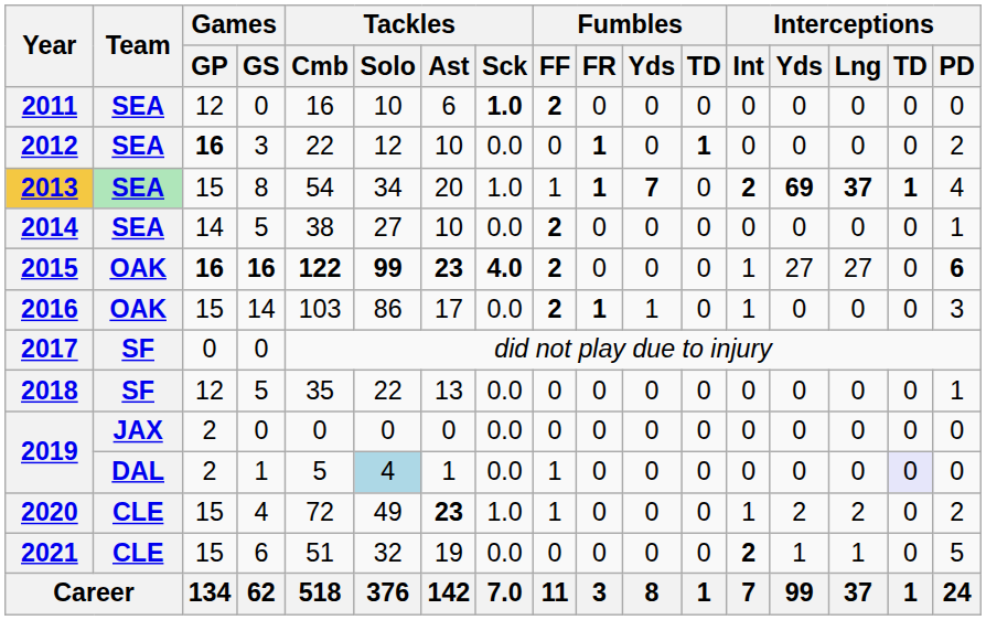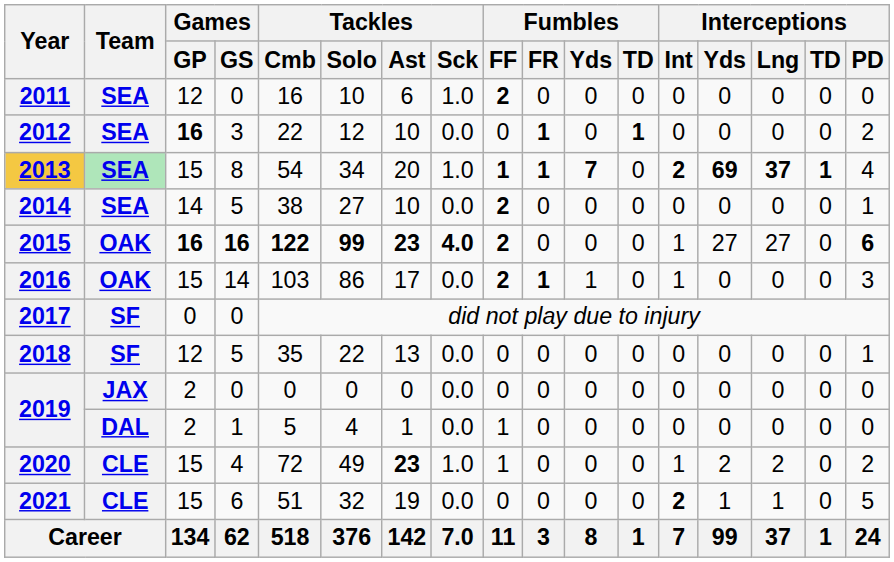 <table class="wikitable" style="text-align:center;">
 <tr>
 <th rowspan="2">Year</th>
 <th rowspan="2">Team</th>
 <th colspan="2">Games</th>
 <th colspan="4">Tackles</th>
 <th colspan="4">Fumbles</th>
 <th colspan="5">Interceptions</th>
 </tr>
 <tr>
 <th>GP</th>
 <th>GS</th>
 <th>Cmb</th>
 <th>Solo</th>
 <th>Ast</th>
 <th>Sck</th>
 <th>FF</th>
 <th>FR</th>
 <th>Yds</th>
 <th>TD</th>
 <th>Int</th>
 <th>Yds</th>
 <th>Lng</th>
 <th>TD</th>
 <th>PD</th>
 </tr>
 <tr>
 <th><a href='#'>2011</a></th>
 <th><a href='#'>SEA</a></th>
 <td>12</td>
 <td>0</td>
 <td>16</td>
 <td>10</td>
 <td>6</td>
-<td><strong>1.0</strong></td>
+<td>1.0</td>
 <td><strong>2</strong></td>
 <td>0</td>
 <td>0</td>
 <td>0</td>
 <td>0</td>
 <td>0</td>
 <td>0</td>
 <td>0</td>
 <td>0</td>
 </tr>
 <tr>
 <th><a href='#'>2012</a></th>
 <th><a href='#'>SEA</a></th>
 <td><strong>16</strong></td>
 <td>3</td>
 <td>22</td>
 <td>12</td>
 <td>10</td>
 <td>0.0</td>
 <td>0</td>
 <td><strong>1</strong></td>
 <td>0</td>
 <td><strong>1</strong></td>
 <td>0</td>
 <td>0</td>
 <td>0</td>
 <td>0</td>
 <td>2</td>
 </tr>
 <tr>
 <th style="background:#f4c842; width:3em;"><a href='#'>2013</a></th>
 <th style="background:#afe6ba; width:3em;"><a href='#'>SEA</a></th>
 <td>15</td>
 <td>8</td>
 <td>54</td>
 <td>34</td>
 <td>20</td>
 <td>1.0</td>
-<td>1</td>
+<td><strong>1</strong></td>
 <td><strong>1</strong></td>
 <td><strong>7</strong></td>
 <td>0</td>
 <td><strong>2</strong></td>
 <td><strong>69</strong></td>
 <td><strong>37</strong></td>
 <td><strong>1</strong></td>
 <td>4</td>
 </tr>
 <tr>
 <th><a href='#'>2014</a></th>
 <th><a href='#'>SEA</a></th>
 <td>14</td>
 <td>5</td>
 <td>38</td>
 <td>27</td>
 <td>10</td>
 <td>0.0</td>
 <td><strong>2</strong></td>
 <td>0</td>
 <td>0</td>
 <td>0</td>
 <td>0</td>
 <td>0</td>
 <td>0</td>
 <td>0</td>
 <td>1</td>
 </tr>
 <tr>
 <th><a href='#'>2015</a></th>
 <th><a href='#'>OAK</a></th>
 <td><strong>16</strong></td>
 <td><strong>16</strong></td>
 <td><strong>122</strong></td>
 <td><strong>99</strong></td>
 <td><strong>23</strong></td>
 <td><strong>4.0</strong></td>
 <td><strong>2</strong></td>
 <td>0</td>
 <td>0</td>
 <td>0</td>
 <td>1</td>
 <td>27</td>
 <td>27</td>
 <td>0</td>
 <td><strong>6</strong></td>
 </tr>
 <tr>
 <th><a href='#'>2016</a></th>
 <th><a href='#'>OAK</a></th>
 <td>15</td>
 <td>14</td>
 <td>103</td>
 <td>86</td>
 <td>17</td>
 <td>0.0</td>
 <td><strong>2</strong></td>
 <td><strong>1</strong></td>
 <td>1</td>
 <td>0</td>
 <td>1</td>
 <td>0</td>
 <td>0</td>
 <td>0</td>
 <td>3</td>
 </tr>
 <tr>
 <th><a href='#'>2017</a></th>
 <th><a href='#'>SF</a></th>
 <td>0</td>
 <td>0</td>
 <td colspan="13"><em>did not play due to injury</em></td>
 </tr>
 <tr>
 <th><a href='#'>2018</a></th>
 <th><a href='#'>SF</a></th>
 <td>12</td>
 <td>5</td>
 <td>35</td>
 <td>22</td>
 <td>13</td>
 <td>0.0</td>
 <td>0</td>
 <td>0</td>
 <td>0</td>
 <td>0</td>
 <td>0</td>
 <td>0</td>
 <td>0</td>
 <td>0</td>
 <td>1</td>
 </tr>
 <tr>
 <th rowspan="2"><a href='#'>2019</a></th>
 <th><a href='#'>JAX</a></th>
 <td>2</td>
 <td>0</td>
 <td>0</td>
 <td>0</td>
 <td>0</td>
 <td>0.0</td>
 <td>0</td>
 <td>0</td>
 <td>0</td>
 <td>0</td>
 <td>0</td>
 <td>0</td>
 <td>0</td>
 <td>0</td>
 <td>0</td>
 </tr>
 <tr>
 <th><a href='#'>DAL</a></th>
 <td>2</td>
 <td>1</td>
 <td>5</td>
-<td style="background: lightblue;">4</td>
+<td>4</td>
 <td>1</td>
 <td>0.0</td>
 <td>1</td>
 <td>0</td>
 <td>0</td>
 <td>0</td>
 <td>0</td>
 <td>0</td>
 <td>0</td>
-<td style="background: lavender;">0</td>
+<td>0</td>
 <td>0</td>
 </tr>
 <tr>
 <th><a href='#'>2020</a></th>
 <th><a href='#'>CLE</a></th>
 <td>15</td>
 <td>4</td>
 <td>72</td>
 <td>49</td>
 <td><strong>23</strong></td>
 <td>1.0</td>
 <td>1</td>
 <td>0</td>
 <td>0</td>
 <td>0</td>
 <td>1</td>
 <td>2</td>
 <td>2</td>
 <td>0</td>
 <td>2</td>
 </tr>
 <tr>
 <th><a href='#'>2021</a></th>
 <th><a href='#'>CLE</a></th>
 <td>15</td>
 <td>6</td>
 <td>51</td>
 <td>32</td>
 <td>19</td>
 <td>0.0</td>
 <td>0</td>
 <td>0</td>
 <td>0</td>
 <td>0</td>
 <td><strong>2</strong></td>
 <td>1</td>
 <td>1</td>
 <td>0</td>
 <td>5</td>
 </tr>
 <tr>
 <th colspan="2">Career</th>
 <th>134</th>
 <th>62</th>
 <th>518</th>
 <th>376</th>
 <th>142</th>
 <th>7.0</th>
 <th>11</th>
 <th>3</th>
 <th>8</th>
 <th>1</th>
 <th>7</th>
 <th>99</th>
 <th>37</th>
 <th>1</th>
 <th>24</th>
 </tr>
 </table>
